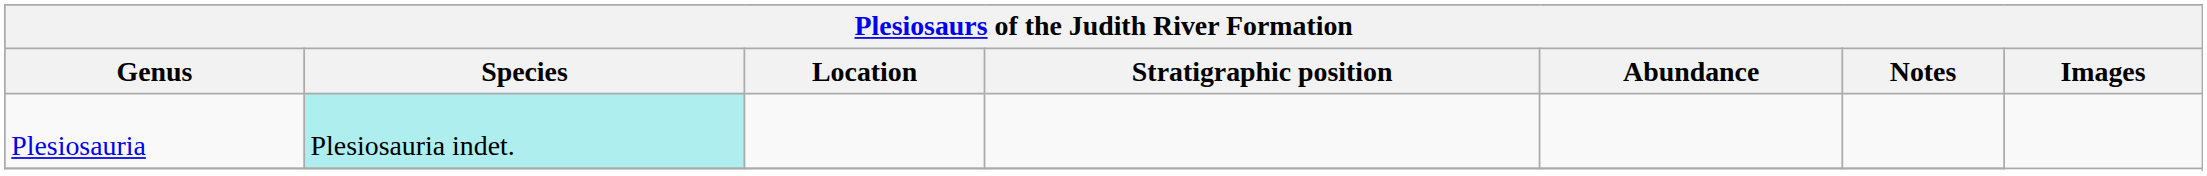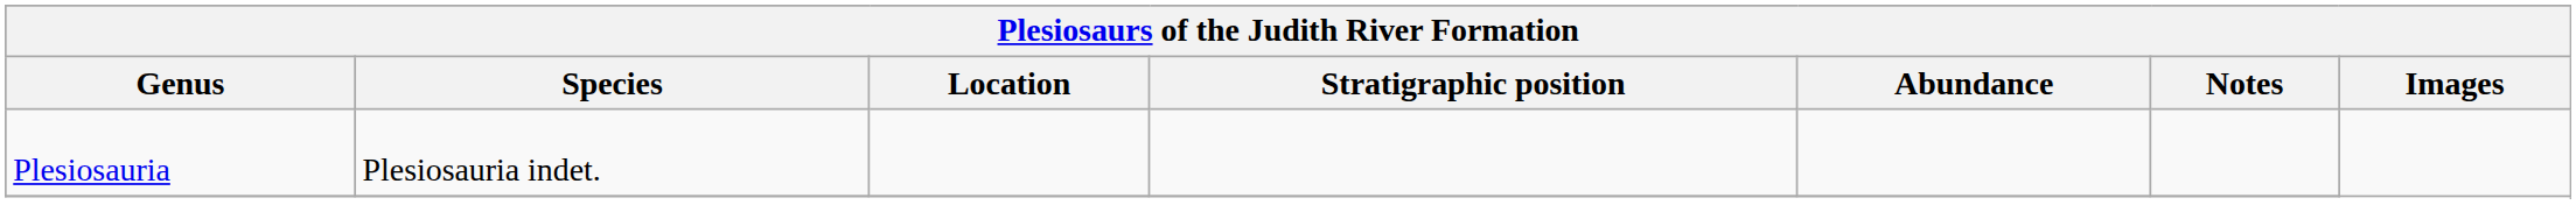 <table class="wikitable" align="center" width="100%">
 <tr>
 <th colspan="8" align="center"><strong><a href='#'>Plesiosaurs</a> of the Judith River Formation</strong></th>
 </tr>
 <tr>
 <th>Genus</th>
 <th>Species</th>
 <th>Location</th>
 <th>Stratigraphic position</th>
 <th>Abundance</th>
 <th>Notes</th>
 <th>Images</th>
 </tr>
 <tr>
 <td><br><a href='#'>Plesiosauria</a></td>
-<td style="background: paleturquoise;"><br>Plesiosauria indet.</td>
+<td><br>Plesiosauria indet.</td>
 <td></td>
 <td></td>
 <td></td>
 <td></td>
 <td rowspan="20"></td>
 </tr>
 <tr>
 </tr>
 </table>
